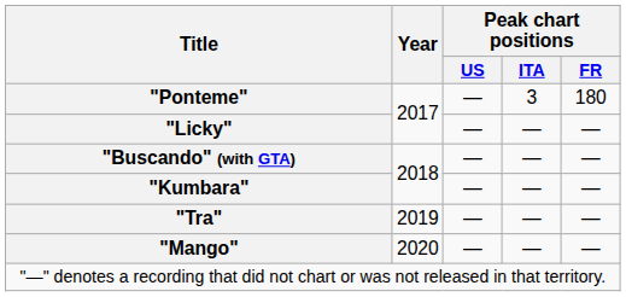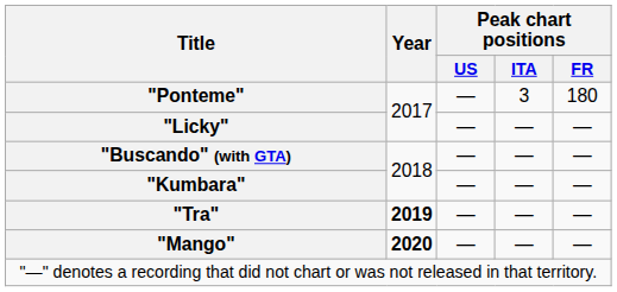 <table class="wikitable plainrowheaders" style="text-align:center;">
 <tr>
 <th scope="col" rowspan="2" style="width:20em;">Title</th>
 <th scope="col" rowspan="2">Year</th>
 <th scope="col" colspan="3">Peak chart positions</th>
 </tr>
 <tr>
 <th scope="col" style="width:3em;font-size:90%;"><a href='#'>US</a></th>
 <th scope="col" style="width:3em;font-size:90%;"><a href='#'>ITA</a></th>
 <th scope="col" style="width:3em;font-size:90%;"><a href='#'>FR</a></th>
 </tr>
 <tr>
 <th scope="row">"Ponteme"</th>
 <td rowspan="2">2017</td>
 <td>—</td>
 <td>3</td>
 <td>180</td>
 </tr>
 <tr>
 <th scope="row">"Licky"</th>
 <td>—</td>
 <td>—</td>
 <td>—</td>
 </tr>
 <tr>
 <th scope="row">"Buscando" <small>(with <a href='#'>GTA</a>)</small></th>
 <td rowspan="2">2018</td>
 <td>—</td>
 <td>—</td>
 <td>—</td>
 </tr>
 <tr>
 <th scope="row">"Kumbara"</th>
 <td>—</td>
 <td>—</td>
 <td>—</td>
 </tr>
 <tr>
 <th scope="row">"Tra"</th>
-<td rowspan="1">2019</td>
+<td rowspan="1"><strong>2019</strong></td>
 <td>—</td>
 <td>—</td>
 <td>—</td>
 </tr>
 <tr>
 <th scope="row">"Mango"</th>
-<td rowspan="1">2020</td>
+<td rowspan="1"><strong>2020</strong></td>
 <td>—</td>
 <td>—</td>
 <td>—</td>
 </tr>
 <tr>
 <td colspan="14" style="font-size:90%">"—" denotes a recording that did not chart or was not released in that territory.</td>
 </tr>
 </table>
